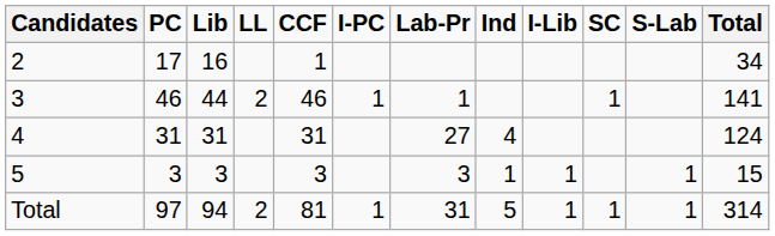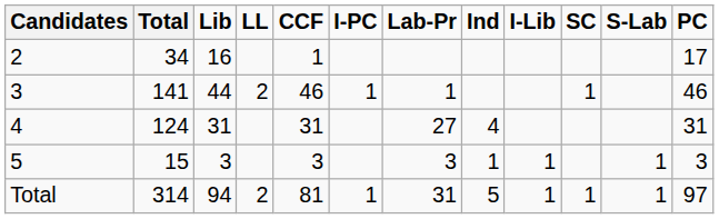 <table class="wikitable" style="text-align:right;">
 <tr>
 <th>Candidates</th>
-<td><strong>PC</strong></td>
+<th>Total</th>
 <td><strong>Lib</strong></td>
 <td><strong>LL</strong></td>
 <td><strong>CCF</strong></td>
 <td><strong>I-PC</strong></td>
 <td><strong>Lab-Pr</strong></td>
 <td><strong>Ind</strong></td>
 <td><strong>I-Lib</strong></td>
 <td><strong>SC</strong></td>
 <td><strong>S-Lab</strong></td>
-<th>Total</th>
+<td><strong>PC</strong></td>
 </tr>
 <tr>
 <td style="text-align:left;">2</td>
-<td>17</td>
+<td>34</td>
 <td>16</td>
 <td></td>
 <td>1</td>
 <td></td>
 <td></td>
 <td></td>
 <td></td>
 <td></td>
 <td></td>
-<td>34</td>
+<td>17</td>
 </tr>
 <tr>
 <td style="text-align:left;">3</td>
-<td>46</td>
+<td>141</td>
 <td>44</td>
 <td>2</td>
 <td>46</td>
 <td>1</td>
 <td>1</td>
 <td></td>
 <td></td>
 <td>1</td>
 <td></td>
-<td>141</td>
+<td>46</td>
 </tr>
 <tr>
 <td style="text-align:left;">4</td>
-<td>31</td>
+<td>124</td>
 <td>31</td>
 <td></td>
 <td>31</td>
 <td></td>
 <td>27</td>
 <td>4</td>
 <td></td>
 <td></td>
 <td></td>
-<td>124</td>
+<td>31</td>
 </tr>
 <tr>
 <td style="text-align:left;">5</td>
-<td>3</td>
+<td>15</td>
 <td>3</td>
 <td></td>
 <td>3</td>
 <td></td>
 <td>3</td>
 <td>1</td>
 <td>1</td>
 <td></td>
 <td>1</td>
-<td>15</td>
+<td>3</td>
 </tr>
 <tr>
 <td style="text-align:left;">Total</td>
-<td>97</td>
+<td>314</td>
 <td>94</td>
 <td>2</td>
 <td>81</td>
 <td>1</td>
 <td>31</td>
 <td>5</td>
 <td>1</td>
 <td>1</td>
 <td>1</td>
-<td>314</td>
+<td>97</td>
 </tr>
 </table>
